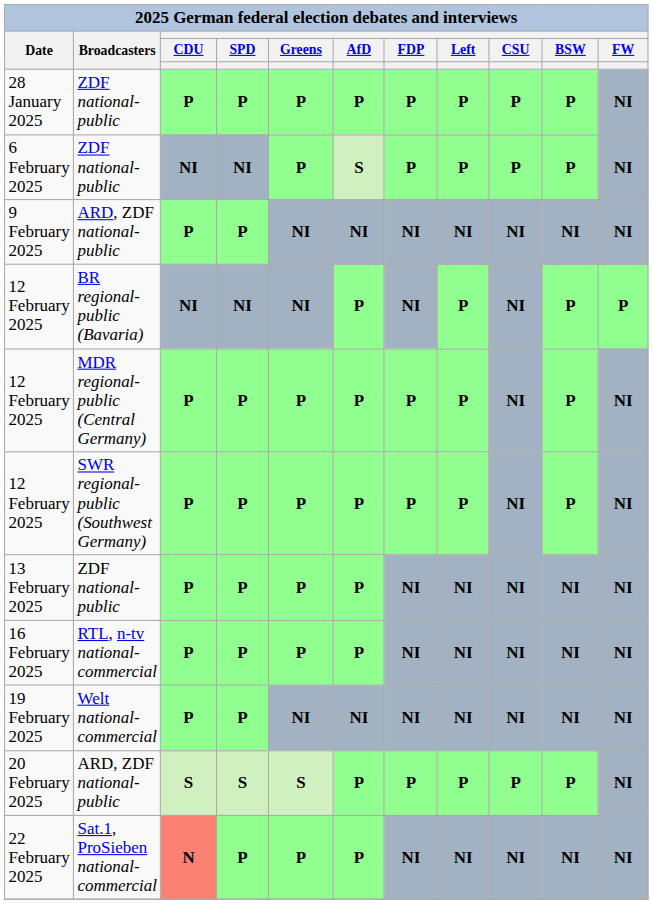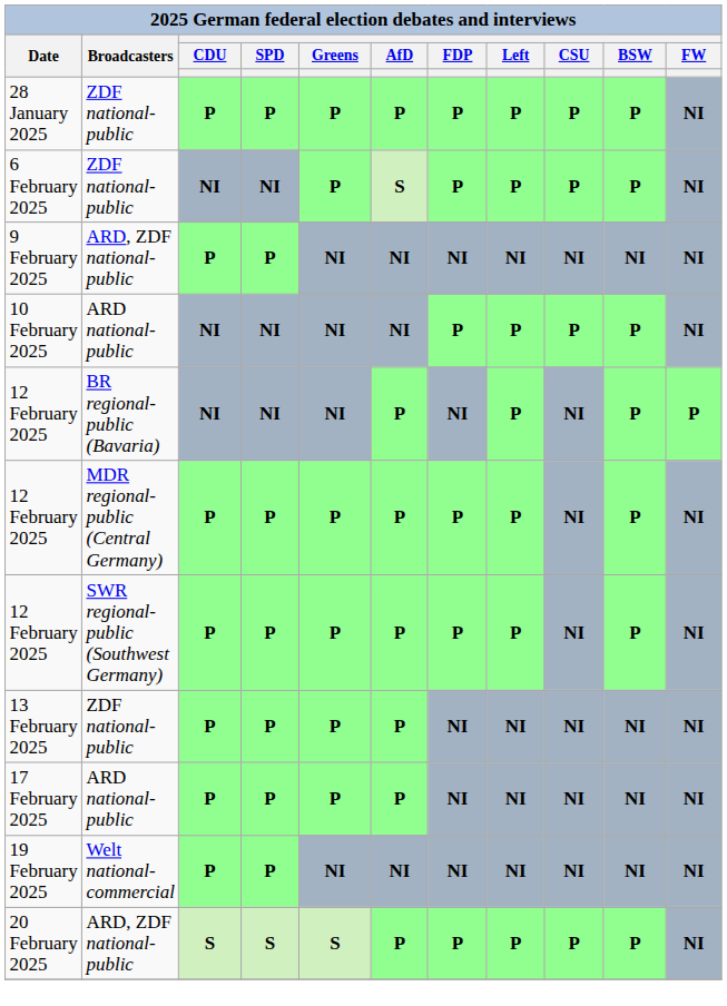 <table class="wikitable" style="text-justify: none">
 <tr>
 <th colspan="11" style="background:#B0C4DE">2025 German federal election debates and interviews</th>
 </tr>
 <tr style="font-size:small;">
 <th rowspan="3">Date</th>
 <th rowspan="3">Broadcasters</th>
 <th colspan="9" scope="col">     </th>
 </tr>
 <tr style="font-size:small;">
 <th scope="col"><a href='#'>CDU</a></th>
 <th scope="col"><a href='#'>SPD</a></th>
 <th scope="col"><a href='#'>Greens</a></th>
 <th scope="col"><a href='#'>AfD</a></th>
 <th scope="col"><a href='#'>FDP</a></th>
 <th scope="col"><a href='#'>Left</a></th>
 <th scope="col"><a href='#'>CSU</a></th>
 <th scope="col"><a href='#'>BSW</a></th>
 <th scope="col"><a href='#'>FW</a></th>
 </tr>
 <tr>
 <th style="width:6.5em; background:"></th>
 <th style="width:6.5em; background:"></th>
 <th style="width:6.5em; background:"></th>
 <th style="width:6.5em; background:"></th>
 <th style="width:6.5em; background:"></th>
 <th style="width:6.5em; background:"></th>
 <th style="width:6.5em; background:"></th>
 <th style="width:6.5em; background:"></th>
 <th style="width:6.5em; background:"></th>
 </tr>
 <tr>
 <td>28 January 2025</td>
 <td><a href='#'>ZDF</a><br><em>national-public</em></td>
 <td style="background:#90ff90; color:black; text-align:center;"><strong>P</strong><br></td>
 <td style="background:#90ff90; color:black; text-align:center;"><strong>P</strong><br></td>
 <td style="background:#90ff90; color:black; text-align:center;"><strong>P</strong><br></td>
 <td style="background:#90ff90; color:black; text-align:center;"><strong>P</strong><br></td>
 <td style="background:#90ff90; color:black; text-align:center;"><strong>P</strong><br></td>
 <td style="background:#90ff90; color:black; text-align:center;"><strong>P</strong><br></td>
 <td style="background:#90ff90; color:black; text-align:center;"><strong>P</strong><br></td>
 <td style="background:#90ff90; color:black; text-align:center;"><strong>P</strong><br></td>
 <td style="background:#A2B2C2; color:black; text-align:center;"><strong>NI</strong></td>
 </tr>
 <tr>
 <td>6 February 2025</td>
 <td><a href='#'>ZDF</a><br><em>national-public</em></td>
 <td style="background:#A2B2C2; color:black; text-align:center;"><strong>NI</strong></td>
 <td style="background:#A2B2C2; color:black; text-align:center;"><strong>NI</strong></td>
 <td style="background:#90ff90; color:black; text-align:center;"><strong>P</strong><br></td>
 <td style="background:#D0F0C0; color:black; text-align:center;"><strong>S</strong><br></td>
 <td style="background:#90ff90; color:black; text-align:center;"><strong>P</strong><br></td>
 <td style="background:#90ff90; color:black; text-align:center;"><strong>P</strong><br></td>
 <td style="background:#90ff90; color:black; text-align:center;"><strong>P</strong><br></td>
 <td style="background:#90ff90; color:black; text-align:center;"><strong>P</strong><br></td>
 <td style="background:#A2B2C2; color:black; text-align:center;"><strong>NI</strong></td>
 </tr>
 <tr>
 <td>9 February 2025</td>
 <td><a href='#'>ARD</a>, ZDF<br><em>national-public</em></td>
 <td style="background:#90ff90; color:black; text-align:center;"><strong>P</strong><br></td>
 <td style="background:#90ff90; color:black; text-align:center;"><strong>P</strong><br></td>
 <td style="background:#A2B2C2; color:black; text-align:center;"><strong>NI</strong></td>
 <td style="background:#A2B2C2; color:black; text-align:center;"><strong>NI</strong></td>
 <td style="background:#A2B2C2; color:black; text-align:center;"><strong>NI</strong></td>
 <td style="background:#A2B2C2; color:black; text-align:center;"><strong>NI</strong></td>
 <td style="background:#A2B2C2; color:black; text-align:center;"><strong>NI</strong></td>
 <td style="background:#A2B2C2; color:black; text-align:center;"><strong>NI</strong></td>
 <td style="background:#A2B2C2; color:black; text-align:center;"><strong>NI</strong></td>
 </tr>
 <tr>
+<td>10 February 2025</td>
+<td>ARD<br><em>national-public</em></td>
+<td style="background:#A2B2C2; color:black; text-align:center;"><strong>NI</strong></td>
+<td style="background:#A2B2C2; color:black; text-align:center;"><strong>NI</strong></td>
+<td style="background:#A2B2C2; color:black; text-align:center;"><strong>NI</strong></td>
+<td style="background:#A2B2C2; color:black; text-align:center;"><strong>NI</strong></td>
+<td style="background:#90ff90; color:black; text-align:center;"><strong>P</strong><br></td>
+<td style="background:#90ff90; color:black; text-align:center;"><strong>P</strong><br></td>
+<td style="background:#90ff90; color:black; text-align:center;"><strong>P</strong><br></td>
+<td style="background:#90ff90; color:black; text-align:center;"><strong>P</strong><br></td>
+<td style="background:#A2B2C2; color:black; text-align:center;"><strong>NI</strong></td>
+</tr>
+<tr>
 <td>12 February 2025</td>
 <td><a href='#'>BR</a><br><em>regional-public (Bavaria)</em></td>
 <td style="background:#A2B2C2; color:black; text-align:center;"><strong>NI</strong></td>
 <td style="background:#A2B2C2; color:black; text-align:center;"><strong>NI</strong></td>
 <td style="background:#A2B2C2; color:black; text-align:center;"><strong>NI</strong></td>
 <td style="background:#90ff90; color:black; text-align:center;"><strong>P</strong><br></td>
 <td style="background:#A2B2C2; color:black; text-align:center;"><strong>NI</strong></td>
 <td style="background:#90ff90; color:black; text-align:center;"><strong>P</strong><br></td>
 <td style="background:#A2B2C2; color:black; text-align:center;"><strong>NI</strong></td>
 <td style="background:#90ff90; color:black; text-align:center;"><strong>P</strong><br></td>
 <td style="background:#90ff90; color:black; text-align:center;"><strong>P</strong><br></td>
 </tr>
 <tr>
 <td>12 February 2025</td>
 <td><a href='#'>MDR</a><br><em>regional-public (Central Germany)</em></td>
 <td style="background:#90ff90; color:black; text-align:center;"><strong>P</strong><br></td>
 <td style="background:#90ff90; color:black; text-align:center;"><strong>P</strong><br></td>
 <td style="background:#90ff90; color:black; text-align:center;"><strong>P</strong><br></td>
 <td style="background:#90ff90; color:black; text-align:center;"><strong>P</strong><br></td>
 <td style="background:#90ff90; color:black; text-align:center;"><strong>P</strong><br></td>
 <td style="background:#90ff90; color:black; text-align:center;"><strong>P</strong><br></td>
 <td style="background:#A2B2C2; color:black; text-align:center;"><strong>NI</strong></td>
 <td style="background:#90ff90; color:black; text-align:center;"><strong>P</strong><br></td>
 <td style="background:#A2B2C2; color:black; text-align:center;"><strong>NI</strong></td>
 </tr>
 <tr>
 <td>12 February 2025</td>
 <td><a href='#'>SWR</a><br><em>regional-public (Southwest Germany)</em></td>
 <td style="background:#90ff90; color:black; text-align:center;"><strong>P</strong><br></td>
 <td style="background:#90ff90; color:black; text-align:center;"><strong>P</strong><br></td>
 <td style="background:#90ff90; color:black; text-align:center;"><strong>P</strong><br></td>
 <td style="background:#90ff90; color:black; text-align:center;"><strong>P</strong><br></td>
 <td style="background:#90ff90; color:black; text-align:center;"><strong>P</strong><br></td>
 <td style="background:#90ff90; color:black; text-align:center;"><strong>P</strong><br></td>
 <td style="background:#A2B2C2; color:black; text-align:center;"><strong>NI</strong></td>
 <td style="background:#90ff90; color:black; text-align:center;"><strong>P</strong><br></td>
 <td style="background:#A2B2C2; color:black; text-align:center;"><strong>NI</strong></td>
 </tr>
 <tr>
 <td>13 February 2025</td>
 <td>ZDF<br><em>national-public</em></td>
 <td style="background:#90ff90; color:black; text-align:center;"><strong>P</strong><br></td>
 <td style="background:#90ff90; color:black; text-align:center;"><strong>P</strong><br></td>
 <td style="background:#90ff90; color:black; text-align:center;"><strong>P</strong><br></td>
 <td style="background:#90ff90; color:black; text-align:center;"><strong>P</strong><br></td>
 <td style="background:#A2B2C2; color:black; text-align:center;"><strong>NI</strong></td>
 <td style="background:#A2B2C2; color:black; text-align:center;"><strong>NI</strong></td>
 <td style="background:#A2B2C2; color:black; text-align:center;"><strong>NI</strong></td>
 <td style="background:#A2B2C2; color:black; text-align:center;"><strong>NI</strong></td>
 <td style="background:#A2B2C2; color:black; text-align:center;"><strong>NI</strong></td>
 </tr>
 <tr>
-<td>16 February 2025</td>
-<td><a href='#'>RTL</a>, <a href='#'>n-tv</a><br><em>national-commercial</em></td>
+<td>17 February 2025</td>
+<td>ARD<br><em>national-public</em></td>
 <td style="background:#90ff90; color:black; text-align:center;"><strong>P</strong><br></td>
 <td style="background:#90ff90; color:black; text-align:center;"><strong>P</strong><br></td>
 <td style="background:#90ff90; color:black; text-align:center;"><strong>P</strong><br></td>
 <td style="background:#90ff90; color:black; text-align:center;"><strong>P</strong><br></td>
 <td style="background:#A2B2C2; color:black; text-align:center;"><strong>NI</strong></td>
 <td style="background:#A2B2C2; color:black; text-align:center;"><strong>NI</strong></td>
 <td style="background:#A2B2C2; color:black; text-align:center;"><strong>NI</strong></td>
 <td style="background:#A2B2C2; color:black; text-align:center;"><strong>NI</strong></td>
 <td style="background:#A2B2C2; color:black; text-align:center;"><strong>NI</strong></td>
 </tr>
 <tr>
 <td>19 February 2025</td>
 <td><a href='#'>Welt</a><br><em>national-commercial</em></td>
 <td style="background:#90ff90; color:black; text-align:center;"><strong>P</strong><br></td>
 <td style="background:#90ff90; color:black; text-align:center;"><strong>P</strong><br></td>
 <td style="background:#A2B2C2; color:black; text-align:center;"><strong>NI</strong></td>
 <td style="background:#A2B2C2; color:black; text-align:center;"><strong>NI</strong></td>
 <td style="background:#A2B2C2; color:black; text-align:center;"><strong>NI</strong></td>
 <td style="background:#A2B2C2; color:black; text-align:center;"><strong>NI</strong></td>
 <td style="background:#A2B2C2; color:black; text-align:center;"><strong>NI</strong></td>
 <td style="background:#A2B2C2; color:black; text-align:center;"><strong>NI</strong></td>
 <td style="background:#A2B2C2; color:black; text-align:center;"><strong>NI</strong></td>
 </tr>
 <tr>
 <td>20 February 2025</td>
 <td>ARD, ZDF<br><em>national-public</em></td>
 <td style="background:#D0F0C0; color:black; text-align:center;"><strong>S</strong><br></td>
 <td style="background:#D0F0C0; color:black; text-align:center;"><strong>S</strong><br></td>
 <td style="background:#D0F0C0; color:black; text-align:center;"><strong>S</strong><br></td>
 <td style="background:#90ff90; color:black; text-align:center;"><strong>P</strong><br></td>
 <td style="background:#90ff90; color:black; text-align:center;"><strong>P</strong><br></td>
 <td style="background:#90ff90; color:black; text-align:center;"><strong>P</strong><br></td>
 <td style="background:#90ff90; color:black; text-align:center;"><strong>P</strong><br></td>
 <td style="background:#90ff90; color:black; text-align:center;"><strong>P</strong><br></td>
 <td style="background:#A2B2C2; color:black; text-align:center;"><strong>NI</strong></td>
 </tr>
 <tr>
-<td>22 February 2025</td>
-<td><a href='#'>Sat.1</a>, <a href='#'>ProSieben</a><br><em>national-commercial</em></td>
-<td style="background:#FA8072; color:black; text-align:center;"><strong>N</strong><br></td>
-<td style="background:#90ff90; color:black; text-align:center;"><strong>P</strong><br></td>
-<td style="background:#90ff90; color:black; text-align:center;"><strong>P</strong><br></td>
-<td style="background:#90ff90; color:black; text-align:center;"><strong>P</strong><br></td>
-<td style="background:#A2B2C2; color:black; text-align:center;"><strong>NI</strong></td>
-<td style="background:#A2B2C2; color:black; text-align:center;"><strong>NI</strong></td>
-<td style="background:#A2B2C2; color:black; text-align:center;"><strong>NI</strong></td>
-<td style="background:#A2B2C2; color:black; text-align:center;"><strong>NI</strong></td>
-<td style="background:#A2B2C2; color:black; text-align:center;"><strong>NI</strong></td>
-</tr>
-<tr>
 </tr>
 </table>
